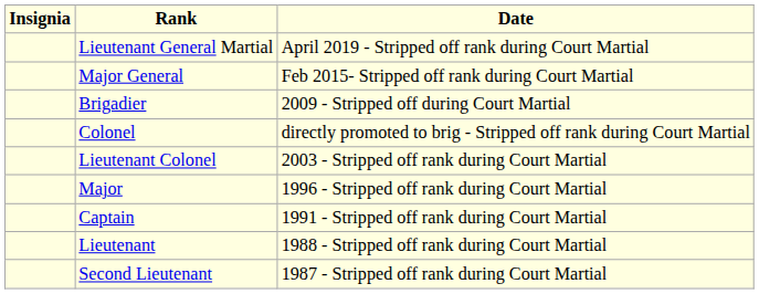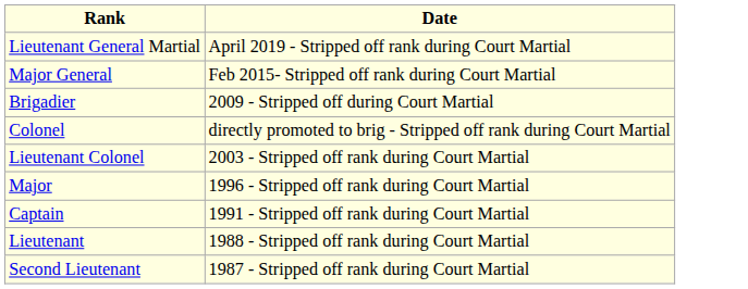 <table class="wikitable">
 <tr>
-<th style="background:#FFFFE0">Insignia</th>
 <th style="background:#FFFFE0">Rank</th>
 <th style="background:#FFFFE0">Date</th>
 </tr>
 <tr>
-<td style="background:#FFFFE0"> </td>
 <td style="background:#FFFFE0"><a href='#'>Lieutenant General</a>   Martial</td>
 <td style="background:#FFFFE0">April 2019 - Stripped off rank during Court Martial</td>
 </tr>
 <tr>
-<td style="background:#FFFFE0"> </td>
 <td style="background:#FFFFE0"><a href='#'>Major General</a></td>
 <td style="background:#FFFFE0">Feb 2015- Stripped off rank during Court Martial</td>
 </tr>
 <tr>
-<td style="background:#FFFFE0"> </td>
 <td style="background:#FFFFE0"><a href='#'>Brigadier</a></td>
 <td style="background:#FFFFE0">2009 - Stripped off during Court Martial</td>
 </tr>
 <tr>
-<td style="background:#FFFFE0"></td>
 <td style="background:#FFFFE0"><a href='#'>Colonel</a></td>
 <td style="background:#FFFFE0">directly promoted to brig - Stripped off rank during Court Martial</td>
 </tr>
 <tr>
-<td style="background:#FFFFE0"></td>
 <td style="background:#FFFFE0"><a href='#'>Lieutenant Colonel</a></td>
 <td style="background:#FFFFE0">2003 - Stripped off rank during Court Martial</td>
 </tr>
 <tr>
-<td style="background:#FFFFE0"></td>
 <td style="background:#FFFFE0"><a href='#'>Major</a></td>
 <td style="background:#FFFFE0">1996 - Stripped off rank during Court Martial</td>
 </tr>
 <tr>
-<td style="background:#FFFFE0"></td>
 <td style="background:#FFFFE0"><a href='#'>Captain</a></td>
 <td style="background:#FFFFE0">1991 - Stripped off rank during Court Martial</td>
 </tr>
 <tr>
-<td style="background:#FFFFE0"></td>
 <td style="background:#FFFFE0"><a href='#'>Lieutenant</a></td>
 <td style="background:#FFFFE0">1988 - Stripped off rank during Court Martial</td>
 </tr>
 <tr>
-<td style="background:#FFFFE0"></td>
 <td style="background:#FFFFE0"><a href='#'>Second Lieutenant</a></td>
 <td style="background:#FFFFE0">1987 - Stripped off rank during Court Martial</td>
 </tr>
 </table>
